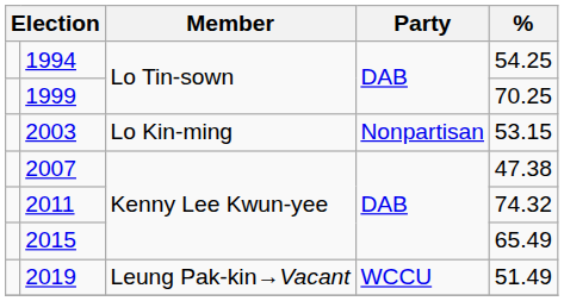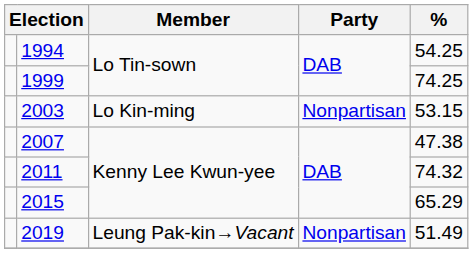 <table class="wikitable">
 <tr>
 <th colspan="2">Election</th>
 <th>Member</th>
 <th>Party</th>
 <th>%</th>
 </tr>
 <tr>
 <td style="background-color:"></td>
 <td><a href='#'>1994</a></td>
 <td rowspan=2>Lo Tin-sown</td>
 <td rowspan=2><a href='#'>DAB</a></td>
 <td>54.25</td>
 </tr>
 <tr>
 <td style="background-color:"></td>
 <td><a href='#'>1999</a></td>
-<td>70.25</td>
+<td>74.25</td>
 </tr>
 <tr>
 <td style="background-color:"></td>
 <td><a href='#'>2003</a></td>
 <td>Lo Kin-ming</td>
 <td><a href='#'>Nonpartisan</a></td>
 <td>53.15</td>
 </tr>
 <tr>
 <td style="background-color:"></td>
 <td><a href='#'>2007</a></td>
 <td rowspan=3>Kenny Lee Kwun-yee</td>
 <td rowspan=3><a href='#'>DAB</a></td>
 <td>47.38</td>
 </tr>
 <tr>
 <td style="background-color:"></td>
 <td><a href='#'>2011</a></td>
 <td>74.32</td>
 </tr>
 <tr>
 <td style="background-color:"></td>
 <td><a href='#'>2015</a></td>
-<td>65.49</td>
+<td>65.29</td>
 </tr>
 <tr>
 <td style="background-color:"></td>
 <td><a href='#'>2019</a></td>
 <td>Leung Pak-kin→<em>Vacant</em></td>
-<td><a href='#'>WCCU</a></td>
+<td><a href='#'>Nonpartisan</a></td>
 <td>51.49</td>
 </tr>
 <tr>
 </tr>
 </table>
